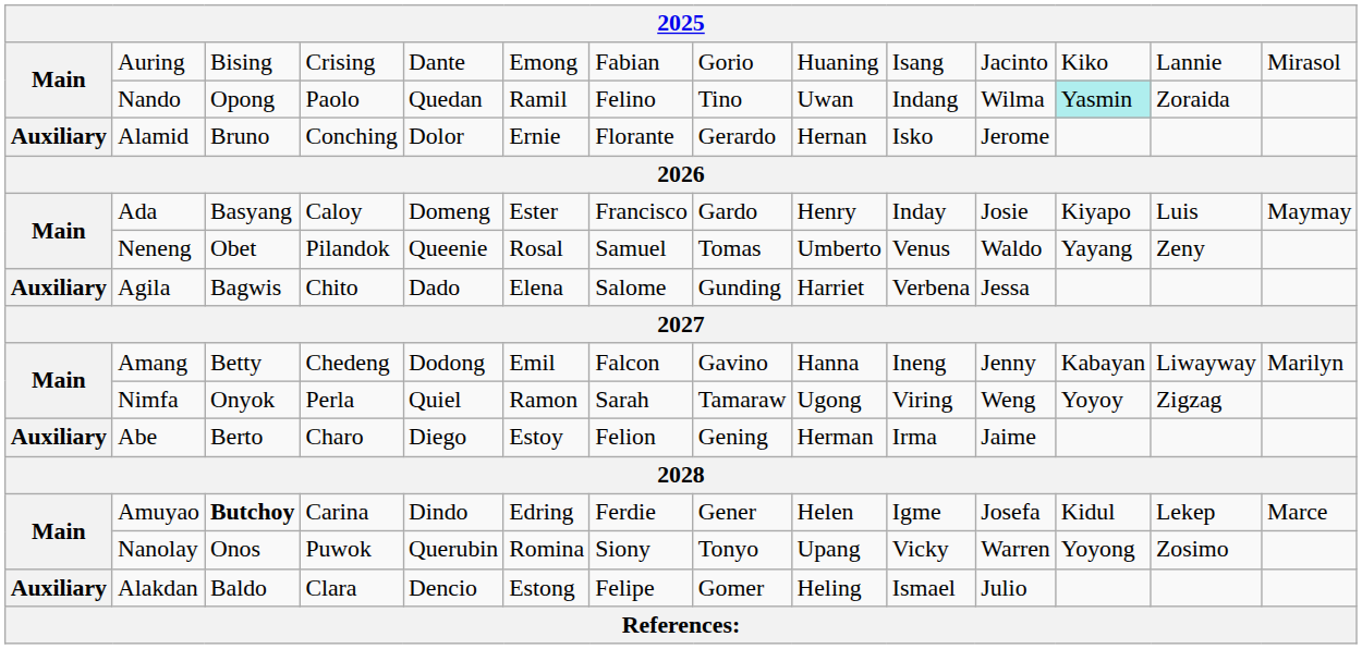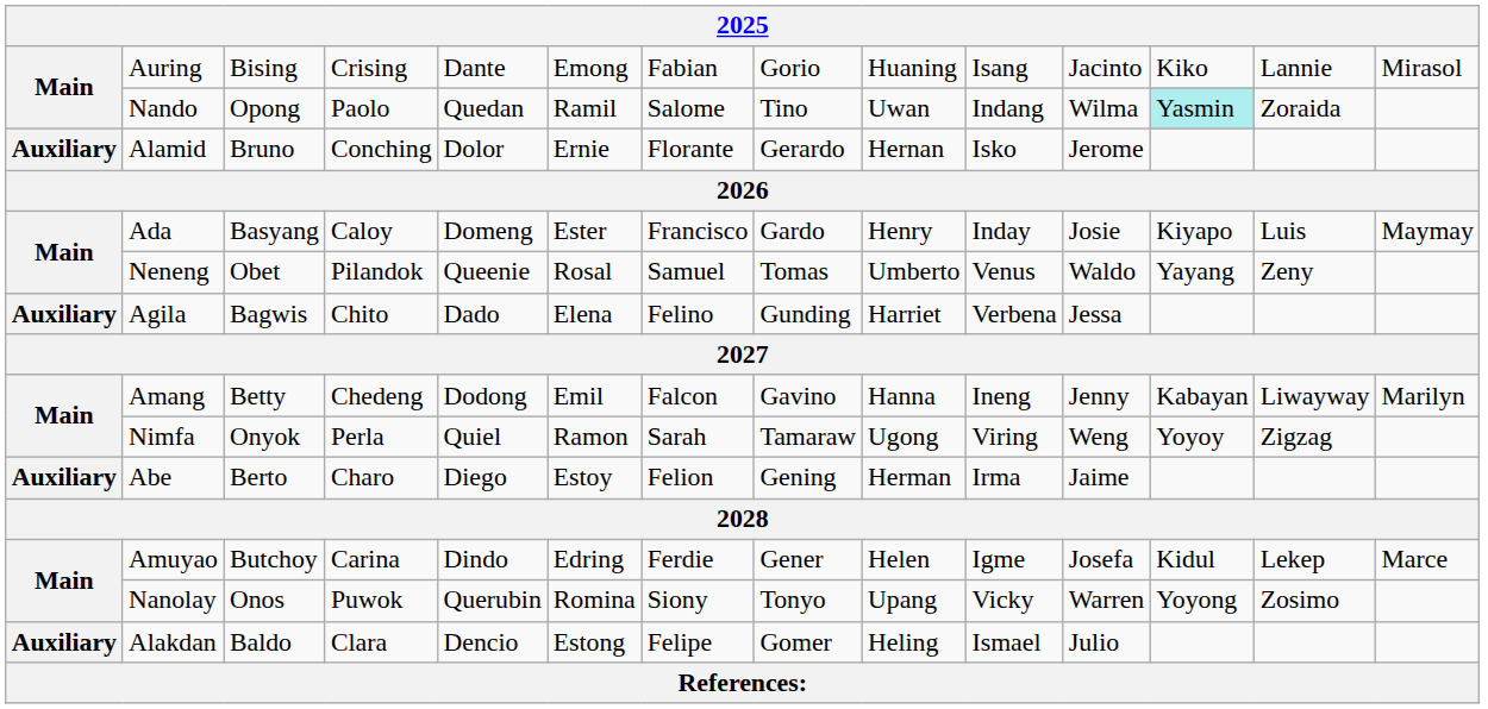 <table class="wikitable">
 <tr>
 <th scope="col" colspan=14><a href='#'>2025</a></th>
 </tr>
 <tr>
 <th scope="row" rowspan=2>Main</th>
 <td>Auring</td>
 <td>Bising</td>
 <td>Crising</td>
 <td>Dante</td>
 <td>Emong</td>
 <td>Fabian</td>
 <td>Gorio</td>
 <td>Huaning</td>
 <td>Isang</td>
 <td>Jacinto</td>
 <td>Kiko</td>
 <td>Lannie</td>
 <td>Mirasol</td>
 </tr>
 <tr>
 <td>Nando</td>
 <td>Opong</td>
 <td>Paolo</td>
 <td>Quedan</td>
 <td>Ramil</td>
-<td>Felino</td>
+<td>Salome</td>
 <td>Tino</td>
 <td>Uwan</td>
 <td>Indang</td>
 <td>Wilma</td>
 <td style="background: paleturquoise;">Yasmin</td>
 <td>Zoraida</td>
 <td></td>
 </tr>
 <tr>
 <th scope="row">Auxiliary</th>
 <td>Alamid</td>
 <td>Bruno</td>
 <td>Conching</td>
 <td>Dolor</td>
 <td>Ernie</td>
 <td>Florante</td>
 <td>Gerardo</td>
 <td>Hernan</td>
 <td>Isko</td>
 <td>Jerome</td>
 <td></td>
 <td></td>
 <td></td>
 </tr>
 <tr>
 <th scope="col" colspan=14>2026</th>
 </tr>
 <tr>
 <th scope="row" rowspan=2>Main</th>
 <td>Ada</td>
 <td>Basyang</td>
 <td>Caloy</td>
 <td>Domeng</td>
 <td>Ester</td>
 <td>Francisco</td>
 <td>Gardo</td>
 <td>Henry</td>
 <td>Inday</td>
 <td>Josie</td>
 <td>Kiyapo</td>
 <td>Luis</td>
 <td>Maymay</td>
 </tr>
 <tr>
 <td>Neneng</td>
 <td>Obet</td>
 <td>Pilandok</td>
 <td>Queenie</td>
 <td>Rosal</td>
 <td>Samuel</td>
 <td>Tomas</td>
 <td>Umberto</td>
 <td>Venus</td>
 <td>Waldo</td>
 <td>Yayang</td>
 <td>Zeny</td>
 <td></td>
 </tr>
 <tr>
 <th scope="row">Auxiliary</th>
 <td>Agila</td>
 <td>Bagwis</td>
 <td>Chito</td>
 <td>Dado</td>
 <td>Elena</td>
-<td>Salome</td>
+<td>Felino</td>
 <td>Gunding</td>
 <td>Harriet</td>
 <td>Verbena</td>
 <td>Jessa</td>
 <td></td>
 <td></td>
 <td></td>
 </tr>
 <tr>
 <th scope="col" colspan=14>2027</th>
 </tr>
 <tr>
 <th scope="row" rowspan=2>Main</th>
 <td>Amang</td>
 <td>Betty</td>
 <td>Chedeng</td>
 <td>Dodong</td>
 <td>Emil</td>
 <td>Falcon</td>
 <td>Gavino</td>
 <td>Hanna</td>
 <td>Ineng</td>
 <td>Jenny</td>
 <td>Kabayan</td>
 <td>Liwayway</td>
 <td>Marilyn</td>
 </tr>
 <tr>
 <td>Nimfa</td>
 <td>Onyok</td>
 <td>Perla</td>
 <td>Quiel</td>
 <td>Ramon</td>
 <td>Sarah</td>
 <td>Tamaraw</td>
 <td>Ugong</td>
 <td>Viring</td>
 <td>Weng</td>
 <td>Yoyoy</td>
 <td>Zigzag</td>
 <td></td>
 </tr>
 <tr>
 <th scope="row">Auxiliary</th>
 <td>Abe</td>
 <td>Berto</td>
 <td>Charo</td>
 <td>Diego</td>
 <td>Estoy</td>
 <td>Felion</td>
 <td>Gening</td>
 <td>Herman</td>
 <td>Irma</td>
 <td>Jaime</td>
 <td></td>
 <td></td>
 <td></td>
 </tr>
 <tr>
 <th scope="col" colspan=14>2028</th>
 </tr>
 <tr>
 <th scope="row" rowspan=2>Main</th>
 <td>Amuyao</td>
-<td><strong>Butchoy</strong></td>
+<td>Butchoy</td>
 <td>Carina</td>
 <td>Dindo</td>
 <td>Edring</td>
 <td>Ferdie</td>
 <td>Gener</td>
 <td>Helen</td>
 <td>Igme</td>
 <td>Josefa</td>
 <td>Kidul</td>
 <td>Lekep</td>
 <td>Marce</td>
 </tr>
 <tr>
 <td>Nanolay</td>
 <td>Onos</td>
 <td>Puwok</td>
 <td>Querubin</td>
 <td>Romina</td>
 <td>Siony</td>
 <td>Tonyo</td>
 <td>Upang</td>
 <td>Vicky</td>
 <td>Warren</td>
 <td>Yoyong</td>
 <td>Zosimo</td>
 <td></td>
 </tr>
 <tr>
 <th scope="row">Auxiliary</th>
 <td>Alakdan</td>
 <td>Baldo</td>
 <td>Clara</td>
 <td>Dencio</td>
 <td>Estong</td>
 <td>Felipe</td>
 <td>Gomer</td>
 <td>Heling</td>
 <td>Ismael</td>
 <td>Julio</td>
 <td></td>
 <td></td>
 <td></td>
 </tr>
 <tr>
 <th colspan=20>References:</th>
 </tr>
 </table>
